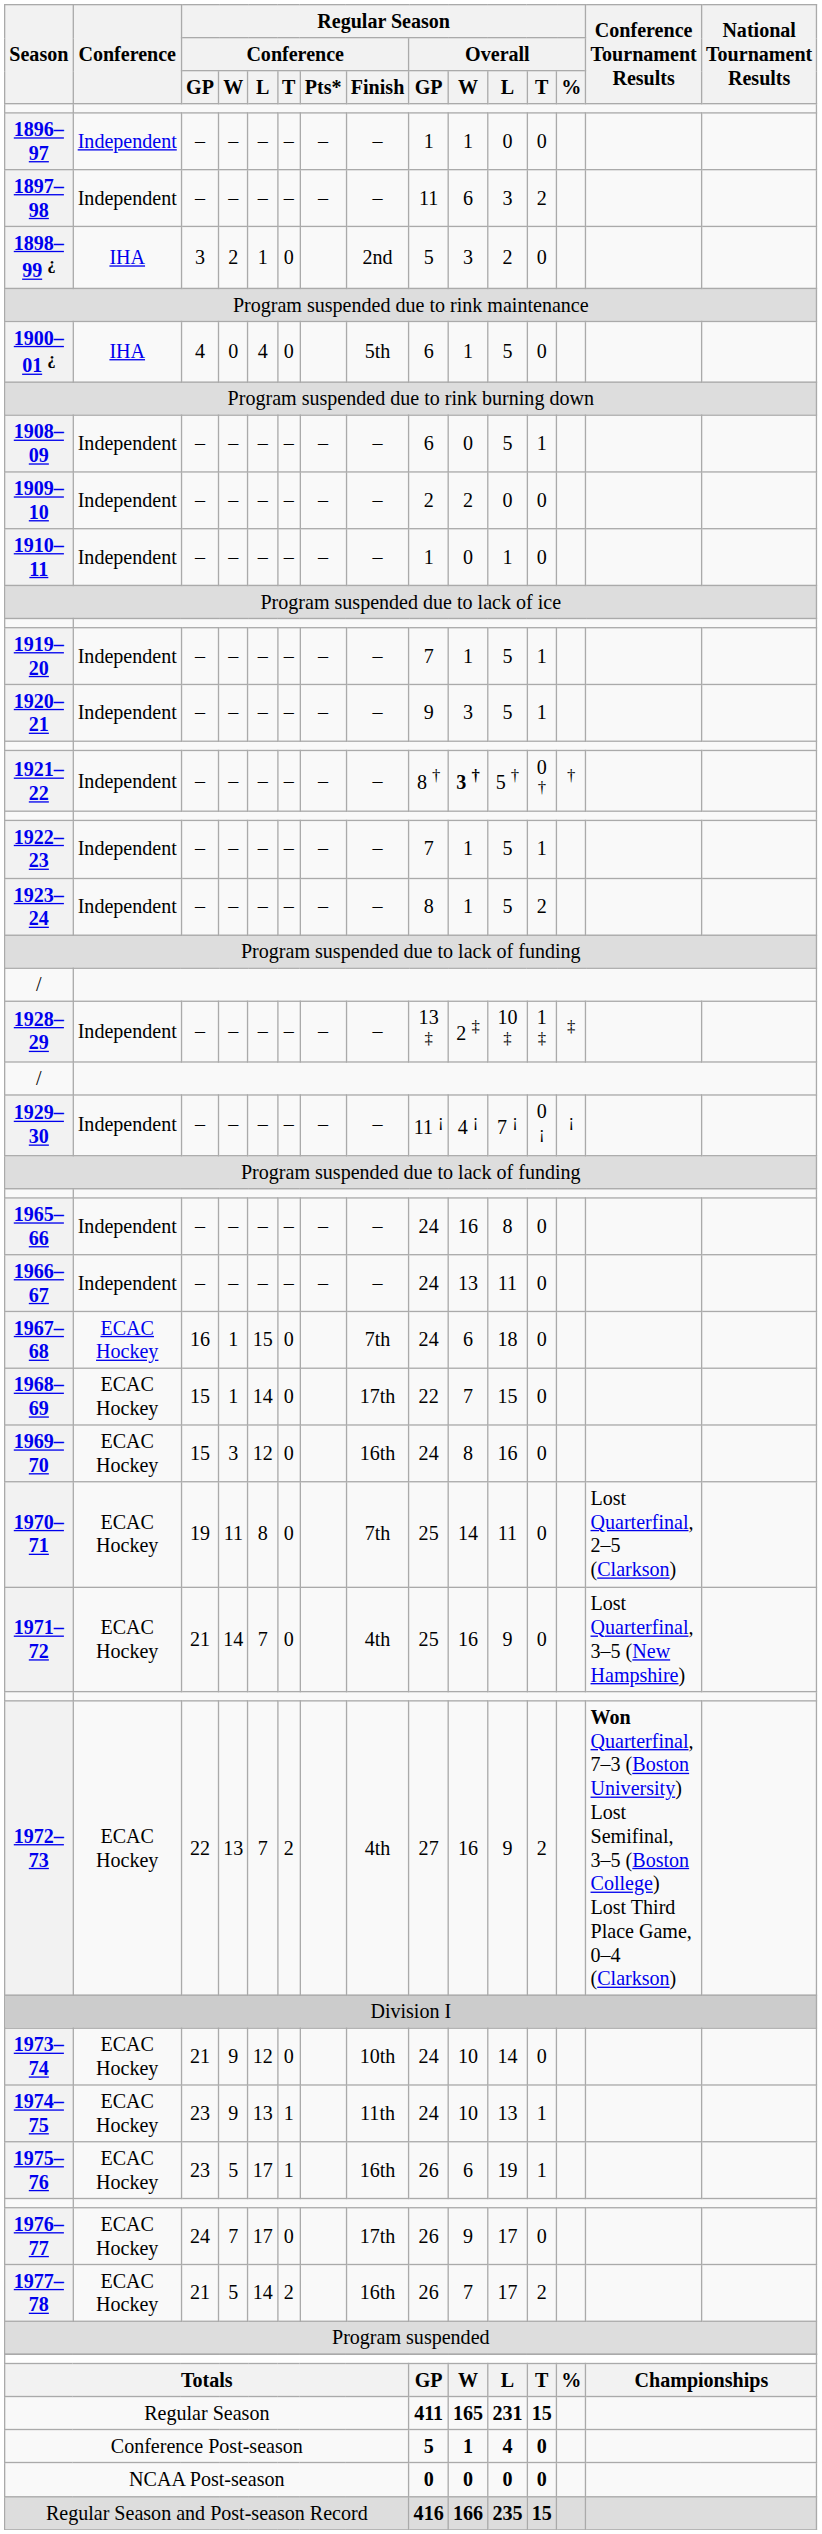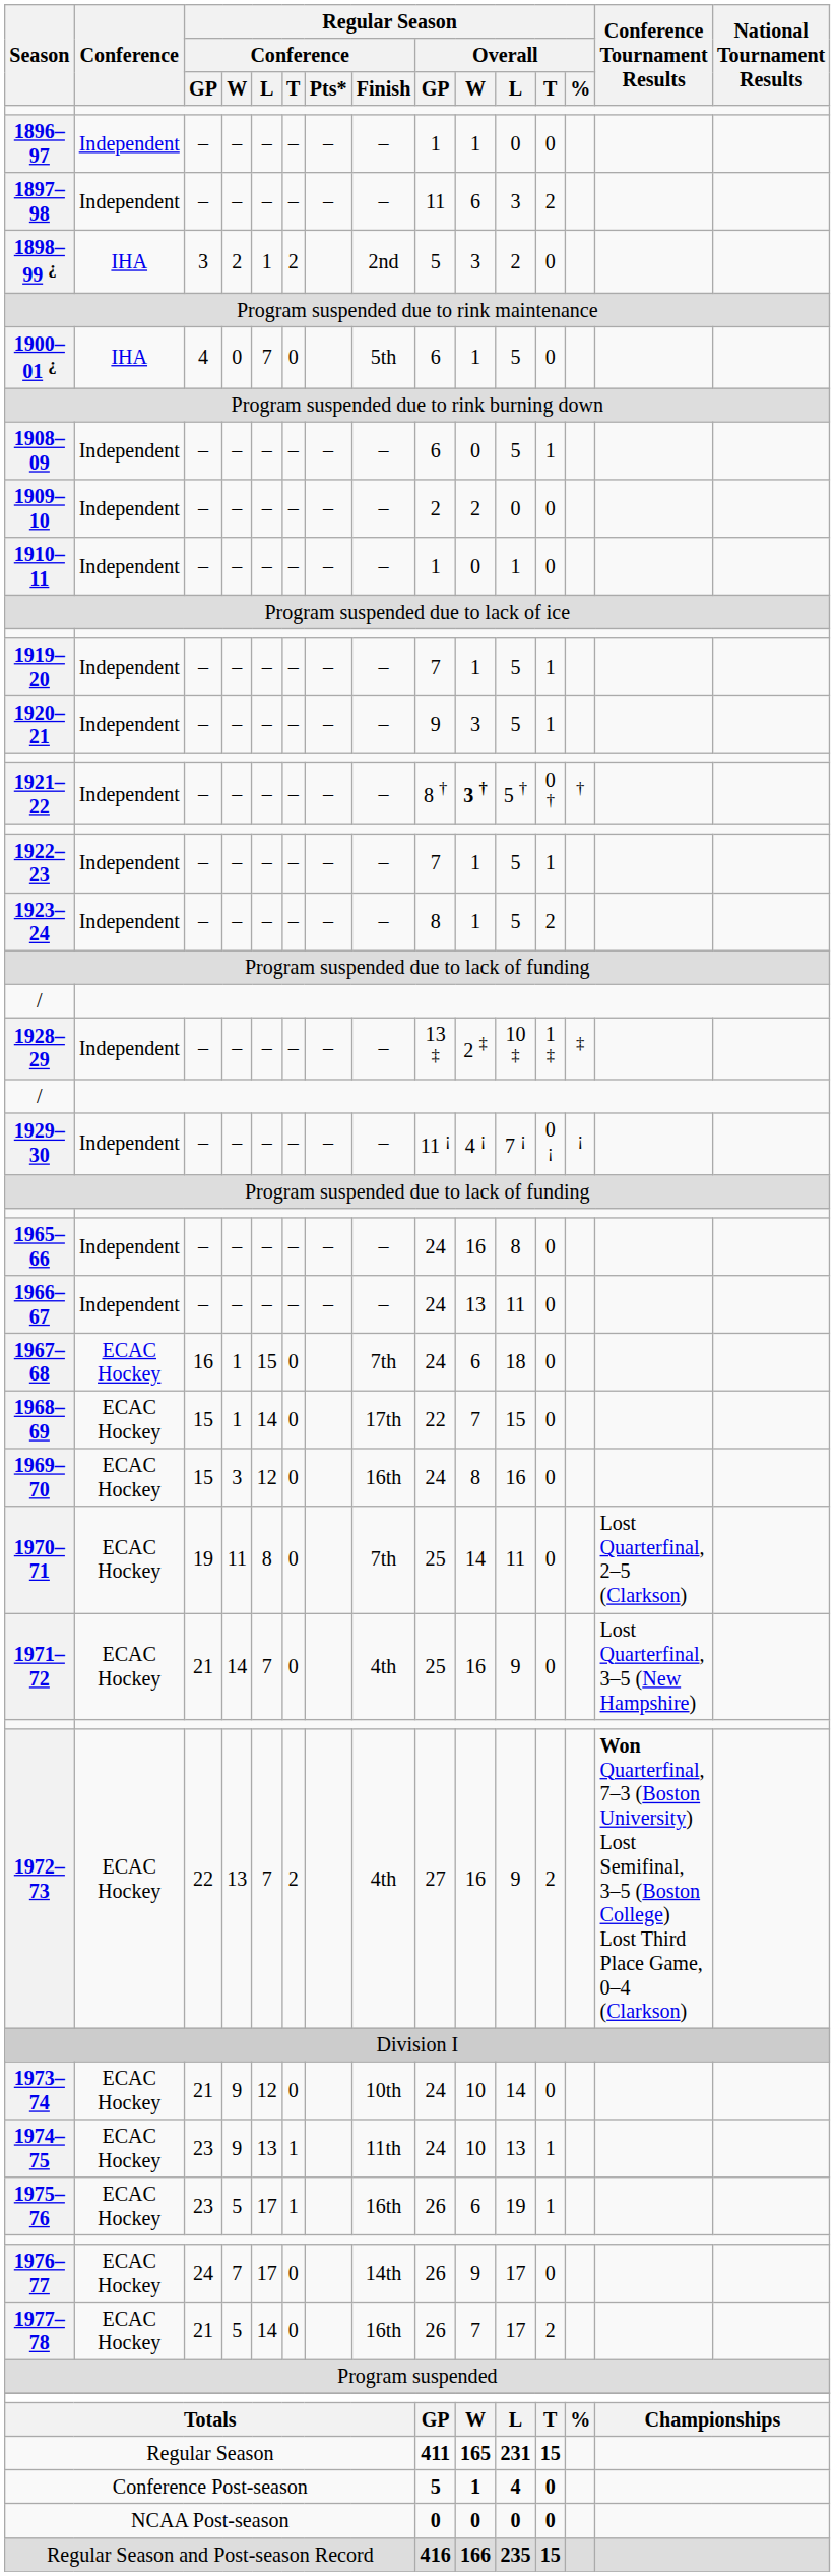 <table class="wikitable" style="text-align: center; font-size: 95%">
 <tr>
 <th rowspan="3">Season</th>
 <th rowspan="3">Conference</th>
 <th colspan="11">Regular Season</th>
 <th rowspan="3">Conference Tournament Results</th>
 <th rowspan="3">National Tournament Results</th>
 </tr>
 <tr>
 <th colspan="6">Conference</th>
 <th colspan="5">Overall</th>
 </tr>
 <tr>
 <th>GP</th>
 <th>W</th>
 <th>L</th>
 <th>T</th>
 <th>Pts*</th>
 <th>Finish</th>
 <th>GP</th>
 <th>W</th>
 <th>L</th>
 <th>T</th>
 <th>%</th>
 </tr>
 <tr>
 <td></td>
 </tr>
 <tr>
 <th><a href='#'>1896–97</a></th>
 <td><a href='#'>Independent</a></td>
 <td>–</td>
 <td>–</td>
 <td>–</td>
 <td>–</td>
 <td>–</td>
 <td>–</td>
 <td>1</td>
 <td>1</td>
 <td>0</td>
 <td>0</td>
 <td></td>
 <td align="left"></td>
 <td align="left"></td>
 </tr>
 <tr>
 <th><a href='#'>1897–98</a></th>
 <td>Independent</td>
 <td>–</td>
 <td>–</td>
 <td>–</td>
 <td>–</td>
 <td>–</td>
 <td>–</td>
 <td>11</td>
 <td>6</td>
 <td>3</td>
 <td>2</td>
 <td></td>
 <td align="left"></td>
 <td align="left"></td>
 </tr>
 <tr>
 <th><a href='#'>1898–99</a> <sup>¿</sup></th>
 <td><a href='#'>IHA</a></td>
 <td>3</td>
 <td>2</td>
 <td>1</td>
-<td>0</td>
+<td>2</td>
 <td></td>
 <td>2nd</td>
 <td>5</td>
 <td>3</td>
 <td>2</td>
 <td>0</td>
 <td></td>
 <td align="left"></td>
 <td align="left"></td>
 </tr>
 <tr>
 <td style="background:#dddddd;" colspan="15">Program suspended due to rink maintenance</td>
 </tr>
 <tr>
 <th><a href='#'>1900–01</a> <sup>¿</sup></th>
 <td><a href='#'>IHA</a></td>
 <td>4</td>
 <td>0</td>
-<td>4</td>
+<td>7</td>
 <td>0</td>
 <td></td>
 <td>5th</td>
 <td>6</td>
 <td>1</td>
 <td>5</td>
 <td>0</td>
 <td></td>
 <td align="left"></td>
 <td align="left"></td>
 </tr>
 <tr>
 <td style="background:#dddddd;" colspan="15">Program suspended due to rink burning down</td>
 </tr>
 <tr>
 <th><a href='#'>1908–09</a></th>
 <td>Independent</td>
 <td>–</td>
 <td>–</td>
 <td>–</td>
 <td>–</td>
 <td>–</td>
 <td>–</td>
 <td>6</td>
 <td>0</td>
 <td>5</td>
 <td>1</td>
 <td></td>
 <td align="left"></td>
 <td align="left"></td>
 </tr>
 <tr>
 <th><a href='#'>1909–10</a></th>
 <td>Independent</td>
 <td>–</td>
 <td>–</td>
 <td>–</td>
 <td>–</td>
 <td>–</td>
 <td>–</td>
 <td>2</td>
 <td>2</td>
 <td>0</td>
 <td>0</td>
 <td></td>
 <td align="left"></td>
 <td align="left"></td>
 </tr>
 <tr>
 <th><a href='#'>1910–11</a></th>
 <td>Independent</td>
 <td>–</td>
 <td>–</td>
 <td>–</td>
 <td>–</td>
 <td>–</td>
 <td>–</td>
 <td>1</td>
 <td>0</td>
 <td>1</td>
 <td>0</td>
 <td></td>
 <td align="left"></td>
 <td align="left"></td>
 </tr>
 <tr>
 <td style="background:#dddddd;" colspan="15">Program suspended due to lack of ice</td>
 </tr>
 <tr>
 <td><a href='#'></a> </td>
 </tr>
 <tr>
 <th><a href='#'>1919–20</a></th>
 <td>Independent</td>
 <td>–</td>
 <td>–</td>
 <td>–</td>
 <td>–</td>
 <td>–</td>
 <td>–</td>
 <td>7</td>
 <td>1</td>
 <td>5</td>
 <td>1</td>
 <td></td>
 <td align="left"></td>
 <td align="left"></td>
 </tr>
 <tr>
 <th><a href='#'>1920–21</a></th>
 <td>Independent</td>
 <td>–</td>
 <td>–</td>
 <td>–</td>
 <td>–</td>
 <td>–</td>
 <td>–</td>
 <td>9</td>
 <td>3</td>
 <td>5</td>
 <td>1</td>
 <td></td>
 <td align="left"></td>
 <td align="left"></td>
 </tr>
 <tr>
 <td><a href='#'></a> </td>
 </tr>
 <tr>
 <th><a href='#'>1921–22</a></th>
 <td>Independent</td>
 <td>–</td>
 <td>–</td>
 <td>–</td>
 <td>–</td>
 <td>–</td>
 <td>–</td>
 <td>8 <sup>†</sup></td>
 <td><strong>3 <sup>†</sup></strong></td>
 <td>5 <sup>†</sup></td>
 <td>0 <sup>†</sup></td>
 <td> <sup>†</sup></td>
 <td align="left"></td>
 <td align="left"></td>
 </tr>
 <tr>
 <td><a href='#'></a> </td>
 </tr>
 <tr>
 <th><a href='#'>1922–23</a></th>
 <td>Independent</td>
 <td>–</td>
 <td>–</td>
 <td>–</td>
 <td>–</td>
 <td>–</td>
 <td>–</td>
 <td>7</td>
 <td>1</td>
 <td>5</td>
 <td>1</td>
 <td></td>
 <td align="left"></td>
 <td align="left"></td>
 </tr>
 <tr>
 <th><a href='#'>1923–24</a></th>
 <td>Independent</td>
 <td>–</td>
 <td>–</td>
 <td>–</td>
 <td>–</td>
 <td>–</td>
 <td>–</td>
 <td>8</td>
 <td>1</td>
 <td>5</td>
 <td>2</td>
 <td></td>
 <td align="left"></td>
 <td align="left"></td>
 </tr>
 <tr>
 <td style="background:#dddddd;" colspan="15">Program suspended due to lack of funding</td>
 </tr>
 <tr>
 <td><a href='#'></a>/<a href='#'></a> </td>
 </tr>
 <tr>
 <th><a href='#'>1928–29</a></th>
 <td>Independent</td>
 <td>–</td>
 <td>–</td>
 <td>–</td>
 <td>–</td>
 <td>–</td>
 <td>–</td>
 <td>13 <sup>‡</sup></td>
 <td>2 <sup>‡</sup></td>
 <td>10 <sup>‡</sup></td>
 <td>1 <sup>‡</sup></td>
 <td> <sup>‡</sup></td>
 <td align="left"></td>
 <td align="left"></td>
 </tr>
 <tr>
 <td><a href='#'></a>/<a href='#'></a> </td>
 </tr>
 <tr>
 <th><a href='#'>1929–30</a></th>
 <td>Independent</td>
 <td>–</td>
 <td>–</td>
 <td>–</td>
 <td>–</td>
 <td>–</td>
 <td>–</td>
 <td>11 <sup>¡</sup></td>
 <td>4 <sup>¡</sup></td>
 <td>7 <sup>¡</sup></td>
 <td>0 <sup>¡</sup></td>
 <td> <sup>¡</sup></td>
 <td align="left"></td>
 <td align="left"></td>
 </tr>
 <tr>
 <td style="background:#dddddd;" colspan="15">Program suspended due to lack of funding</td>
 </tr>
 <tr>
 <td><a href='#'></a> </td>
 </tr>
 <tr>
 <th><a href='#'>1965–66</a></th>
 <td>Independent</td>
 <td>–</td>
 <td>–</td>
 <td>–</td>
 <td>–</td>
 <td>–</td>
 <td>–</td>
 <td>24</td>
 <td>16</td>
 <td>8</td>
 <td>0</td>
 <td></td>
 <td align="left"></td>
 <td align="left"></td>
 </tr>
 <tr>
 <th><a href='#'>1966–67</a></th>
 <td>Independent</td>
 <td>–</td>
 <td>–</td>
 <td>–</td>
 <td>–</td>
 <td>–</td>
 <td>–</td>
 <td>24</td>
 <td>13</td>
 <td>11</td>
 <td>0</td>
 <td></td>
 <td align="left"></td>
 <td align="left"></td>
 </tr>
 <tr>
 <th><a href='#'>1967–68</a></th>
 <td><a href='#'>ECAC Hockey</a></td>
 <td>16</td>
 <td>1</td>
 <td>15</td>
 <td>0</td>
 <td></td>
 <td>7th</td>
 <td>24</td>
 <td>6</td>
 <td>18</td>
 <td>0</td>
 <td></td>
 <td align="left"></td>
 <td align="left"></td>
 </tr>
 <tr>
 <th><a href='#'>1968–69</a></th>
 <td>ECAC Hockey</td>
 <td>15</td>
 <td>1</td>
 <td>14</td>
 <td>0</td>
 <td></td>
 <td>17th</td>
 <td>22</td>
 <td>7</td>
 <td>15</td>
 <td>0</td>
 <td></td>
 <td align="left"></td>
 <td align="left"></td>
 </tr>
 <tr>
 <th><a href='#'>1969–70</a></th>
 <td>ECAC Hockey</td>
 <td>15</td>
 <td>3</td>
 <td>12</td>
 <td>0</td>
 <td></td>
 <td>16th</td>
 <td>24</td>
 <td>8</td>
 <td>16</td>
 <td>0</td>
 <td></td>
 <td align="left"></td>
 <td align="left"></td>
 </tr>
 <tr>
 <th><a href='#'>1970–71</a></th>
 <td>ECAC Hockey</td>
 <td>19</td>
 <td>11</td>
 <td>8</td>
 <td>0</td>
 <td></td>
 <td>7th</td>
 <td>25</td>
 <td>14</td>
 <td>11</td>
 <td>0</td>
 <td></td>
 <td align="left">Lost <a href='#'>Quarterfinal</a>, 2–5 (<a href='#'>Clarkson</a>)</td>
 <td align="left"></td>
 </tr>
 <tr>
 <th><a href='#'>1971–72</a></th>
 <td>ECAC Hockey</td>
 <td>21</td>
 <td>14</td>
 <td>7</td>
 <td>0</td>
 <td></td>
 <td>4th</td>
 <td>25</td>
 <td>16</td>
 <td>9</td>
 <td>0</td>
 <td></td>
 <td align="left">Lost <a href='#'>Quarterfinal</a>, 3–5 (<a href='#'>New Hampshire</a>)</td>
 <td align="left"></td>
 </tr>
 <tr>
 <td><a href='#'></a> </td>
 </tr>
 <tr>
 <th><a href='#'>1972–73</a></th>
 <td>ECAC Hockey</td>
 <td>22</td>
 <td>13</td>
 <td>7</td>
 <td>2</td>
 <td></td>
 <td>4th</td>
 <td>27</td>
 <td>16</td>
 <td>9</td>
 <td>2</td>
 <td></td>
 <td align="left"><strong>Won</strong> <a href='#'>Quarterfinal</a>, 7–3 (<a href='#'>Boston University</a>)<br>Lost Semifinal, 3–5 (<a href='#'>Boston College</a>)<br>Lost Third Place Game, 0–4 (<a href='#'>Clarkson</a>)</td>
 <td align="left"></td>
 </tr>
 <tr>
 <td style="background:#cccccc;" colspan="15">Division I</td>
 </tr>
 <tr>
 <th><a href='#'>1973–74</a></th>
 <td>ECAC Hockey</td>
 <td>21</td>
 <td>9</td>
 <td>12</td>
 <td>0</td>
 <td></td>
 <td>10th</td>
 <td>24</td>
 <td>10</td>
 <td>14</td>
 <td>0</td>
 <td></td>
 <td align="left"></td>
 <td align="left"></td>
 </tr>
 <tr>
 <th><a href='#'>1974–75</a></th>
 <td>ECAC Hockey</td>
 <td>23</td>
 <td>9</td>
 <td>13</td>
 <td>1</td>
 <td></td>
 <td>11th</td>
 <td>24</td>
 <td>10</td>
 <td>13</td>
 <td>1</td>
 <td></td>
 <td align="left"></td>
 <td align="left"></td>
 </tr>
 <tr>
 <th><a href='#'>1975–76</a></th>
 <td>ECAC Hockey</td>
 <td>23</td>
 <td>5</td>
 <td>17</td>
 <td>1</td>
 <td></td>
 <td>16th</td>
 <td>26</td>
 <td>6</td>
 <td>19</td>
 <td>1</td>
 <td></td>
 <td align="left"></td>
 <td align="left"></td>
 </tr>
 <tr>
 <td><a href='#'></a> </td>
 </tr>
 <tr>
 <th><a href='#'>1976–77</a></th>
 <td>ECAC Hockey</td>
 <td>24</td>
 <td>7</td>
 <td>17</td>
 <td>0</td>
 <td></td>
-<td>17th</td>
+<td>14th</td>
 <td>26</td>
 <td>9</td>
 <td>17</td>
 <td>0</td>
 <td></td>
 <td align="left"></td>
 <td align="left"></td>
 </tr>
 <tr>
 <th><a href='#'>1977–78</a></th>
 <td>ECAC Hockey</td>
 <td>21</td>
 <td>5</td>
 <td>14</td>
-<td>2</td>
+<td>0</td>
 <td></td>
 <td>16th</td>
 <td>26</td>
 <td>7</td>
 <td>17</td>
 <td>2</td>
 <td></td>
 <td align="left"></td>
 <td align="left"></td>
 </tr>
 <tr>
 <td style="background:#dddddd;" colspan="15">Program suspended</td>
 </tr>
 <tr>
 </tr>
 <tr ->
 </tr>
 <tr>
 <td colspan="15" style="background:#fff;"></td>
 </tr>
 <tr>
 <th colspan="8">Totals</th>
 <th>GP</th>
 <th>W</th>
 <th>L</th>
 <th>T</th>
 <th>%</th>
 <th colspan="2">Championships</th>
 </tr>
 <tr>
 <td colspan="8">Regular Season</td>
 <td><strong>411</strong></td>
 <td><strong>165</strong></td>
 <td><strong>231</strong></td>
 <td><strong>15</strong></td>
 <td><strong></strong></td>
 <td colspan="2" align="left"></td>
 </tr>
 <tr>
 <td colspan="8">Conference Post-season</td>
 <td><strong>5</strong></td>
 <td><strong>1</strong></td>
 <td><strong>4</strong></td>
 <td><strong>0</strong></td>
 <td><strong></strong></td>
 <td colspan="2" align="left"></td>
 </tr>
 <tr>
 <td colspan="8">NCAA Post-season</td>
 <td><strong>0</strong></td>
 <td><strong>0</strong></td>
 <td><strong>0</strong></td>
 <td><strong>0</strong></td>
 <td><strong></strong></td>
 <td colspan="2" align="left"></td>
 </tr>
 <tr bgcolor=dddddd>
 <td colspan="8">Regular Season and Post-season Record</td>
 <td><strong>416</strong></td>
 <td><strong>166</strong></td>
 <td><strong>235</strong></td>
 <td><strong>15</strong></td>
 <td><strong></strong></td>
 <td colspan="2" align="left"></td>
 </tr>
 </table>
